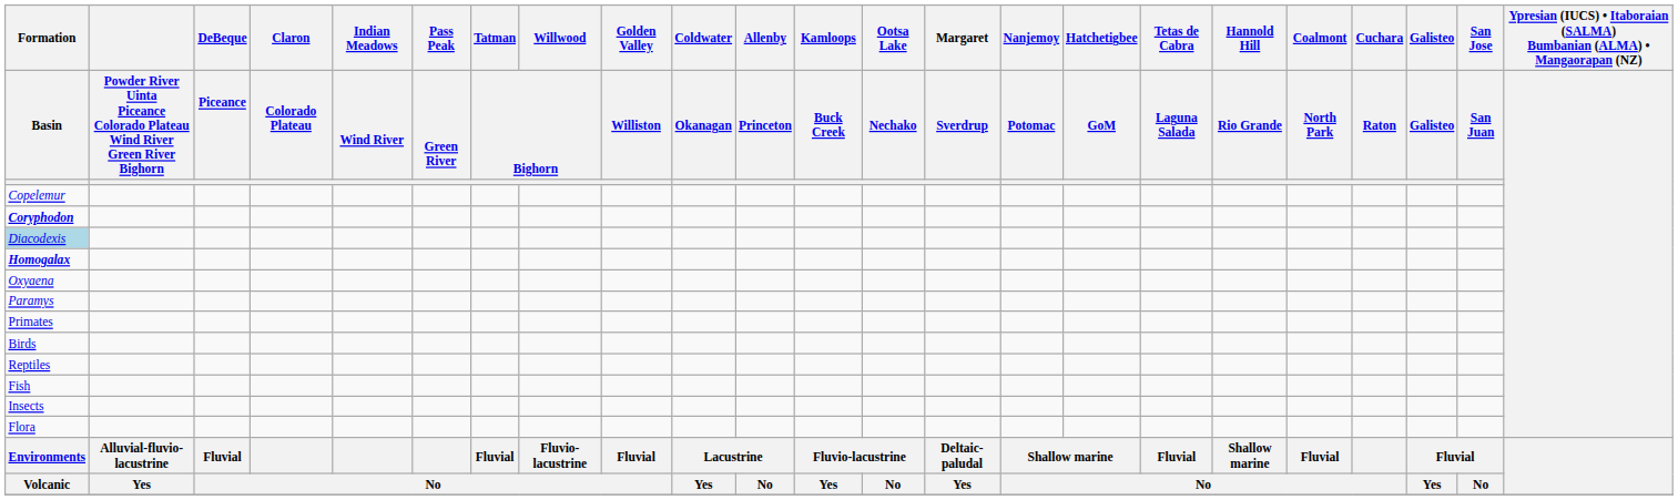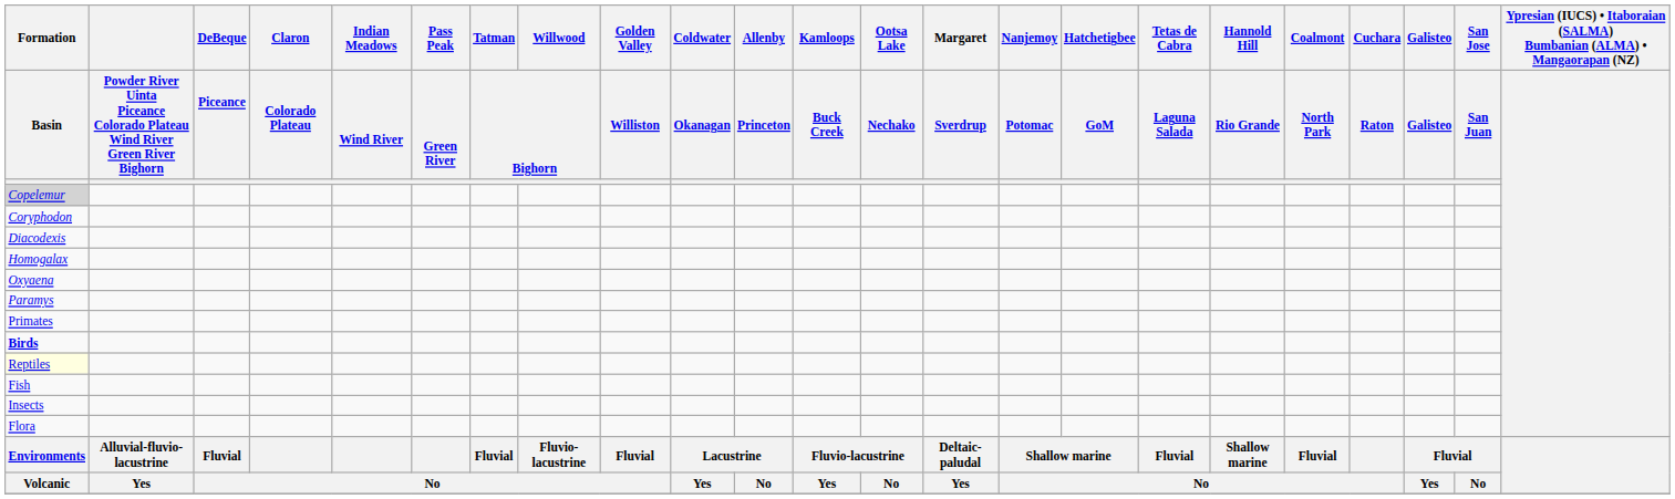 <table class="wikitable" style="font-size: 60%">
 <tr>
 <th>Formation</th>
 <th></th>
 <th><a href='#'>DeBeque</a></th>
 <th><a href='#'>Claron</a></th>
 <th><a href='#'>Indian Meadows</a></th>
 <th><a href='#'>Pass Peak</a></th>
 <th><a href='#'>Tatman</a></th>
 <th><a href='#'>Willwood</a></th>
 <th><a href='#'>Golden Valley</a></th>
 <th><a href='#'>Coldwater</a></th>
 <th><a href='#'>Allenby</a></th>
 <th><a href='#'>Kamloops</a></th>
 <th><a href='#'>Ootsa Lake</a></th>
 <th>Margaret</th>
 <th><a href='#'>Nanjemoy</a></th>
 <th><a href='#'>Hatchetigbee</a></th>
 <th><a href='#'>Tetas de Cabra</a></th>
 <th><a href='#'>Hannold Hill</a></th>
 <th><a href='#'>Coalmont</a></th>
 <th><a href='#'>Cuchara</a></th>
 <th><a href='#'>Galisteo</a></th>
 <th><a href='#'>San Jose</a></th>
 <th><a href='#'>Ypresian</a> (IUCS) • <a href='#'>Itaboraian</a> (<a href='#'>SALMA</a>)<br><a href='#'>Bumbanian</a> (<a href='#'>ALMA</a>) • <a href='#'>Mangaorapan</a> (NZ)</th>
 </tr>
 <tr>
 <th>Basin</th>
 <th><a href='#'>Powder River</a><br><a href='#'>Uinta</a><br><a href='#'>Piceance</a><br><a href='#'>Colorado Plateau</a><br><a href='#'>Wind River</a><br><a href='#'>Green River</a><br><a href='#'>Bighorn</a></th>
 <th><a href='#'>Piceance</a><br><br><br><br></th>
 <th><br><a href='#'>Colorado Plateau</a><br><br><br></th>
 <th><br><br><br><a href='#'>Wind River</a><br><br></th>
 <th><br><br><br><br><a href='#'>Green River</a><br></th>
 <th colspan=2><br><br><br><br><br><br><a href='#'>Bighorn</a></th>
 <th><a href='#'>Williston</a></th>
 <th><a href='#'>Okanagan</a></th>
 <th><a href='#'>Princeton</a></th>
 <th><a href='#'>Buck Creek</a></th>
 <th><a href='#'>Nechako</a></th>
 <th><a href='#'>Sverdrup</a></th>
 <th><a href='#'>Potomac</a></th>
 <th><a href='#'>GoM</a></th>
 <th><a href='#'>Laguna Salada</a></th>
 <th><a href='#'>Rio Grande</a></th>
 <th><a href='#'>North Park</a></th>
 <th><a href='#'>Raton</a></th>
 <th><a href='#'>Galisteo</a></th>
 <th><a href='#'>San Juan</a></th>
 <th align=center rowspan=14></th>
 </tr>
 <tr>
 <th></th>
 <th colspan=8></th>
 <th colspan=5></th>
 <th colspan=2></th>
 <th></th>
 <th colspan=5></th>
 </tr>
 <tr>
-<td><em><a href='#'>Copelemur</a></em></td>
+<td style="background: lightgrey;"><em><a href='#'>Copelemur</a></em></td>
 <td align=center></td>
 <td align=center></td>
 <td align=center></td>
 <td align=center></td>
 <td align=center></td>
 <td align=center></td>
 <td align=center></td>
 <td align=center></td>
 <td align=center></td>
 <td align=center></td>
 <td align=center></td>
 <td align=center></td>
 <td align=center></td>
 <td align=center></td>
 <td align=center></td>
 <td align=center></td>
 <td align=center></td>
 <td align=center></td>
 <td align=center></td>
 <td align=center></td>
 <td align=center></td>
 </tr>
 <tr>
-<td><strong><em><a href='#'>Coryphodon</a></em></strong></td>
+<td><em><a href='#'>Coryphodon</a></em></td>
 <td align=center></td>
 <td align=center></td>
 <td align=center></td>
 <td align=center></td>
 <td align=center></td>
 <td align=center></td>
 <td align=center></td>
 <td align=center></td>
 <td align=center></td>
 <td align=center></td>
 <td align=center></td>
 <td align=center></td>
 <td align=center></td>
 <td align=center></td>
 <td align=center></td>
 <td align=center></td>
 <td align=center></td>
 <td align=center></td>
 <td align=center></td>
 <td align=center></td>
 <td align=center></td>
 </tr>
 <tr>
-<td style="background: lightblue;"><em><a href='#'>Diacodexis</a></em></td>
+<td><em><a href='#'>Diacodexis</a></em></td>
 <td align=center></td>
 <td align=center></td>
 <td align=center></td>
 <td align=center></td>
 <td align=center></td>
 <td align=center></td>
 <td align=center></td>
 <td align=center></td>
 <td align=center></td>
 <td align=center></td>
 <td align=center></td>
 <td align=center></td>
 <td align=center></td>
 <td align=center></td>
 <td align=center></td>
 <td align=center></td>
 <td align=center></td>
 <td align=center></td>
 <td align=center></td>
 <td align=center></td>
 <td align=center></td>
 </tr>
 <tr>
-<td><strong><em><a href='#'>Homogalax</a></em></strong></td>
+<td><em><a href='#'>Homogalax</a></em></td>
 <td align=center></td>
 <td align=center></td>
 <td align=center></td>
 <td align=center></td>
 <td align=center></td>
 <td align=center></td>
 <td align=center></td>
 <td align=center></td>
 <td align=center></td>
 <td align=center></td>
 <td align=center></td>
 <td align=center></td>
 <td align=center></td>
 <td align=center></td>
 <td align=center></td>
 <td align=center></td>
 <td align=center></td>
 <td align=center></td>
 <td align=center></td>
 <td align=center></td>
 <td align=center></td>
 </tr>
 <tr>
 <td><em><a href='#'>Oxyaena</a></em></td>
 <td align=center></td>
 <td align=center></td>
 <td align=center></td>
 <td align=center></td>
 <td align=center></td>
 <td align=center></td>
 <td align=center></td>
 <td align=center></td>
 <td align=center></td>
 <td align=center></td>
 <td align=center></td>
 <td align=center></td>
 <td align=center></td>
 <td align=center></td>
 <td align=center></td>
 <td align=center></td>
 <td align=center></td>
 <td align=center></td>
 <td align=center></td>
 <td align=center></td>
 <td align=center></td>
 </tr>
 <tr>
 <td><em><a href='#'>Paramys</a></em></td>
 <td align=center></td>
 <td align=center></td>
 <td align=center></td>
 <td align=center></td>
 <td align=center></td>
 <td align=center></td>
 <td align=center></td>
 <td align=center></td>
 <td align=center></td>
 <td align=center></td>
 <td align=center></td>
 <td align=center></td>
 <td align=center></td>
 <td align=center></td>
 <td align=center></td>
 <td align=center></td>
 <td align=center></td>
 <td align=center></td>
 <td align=center></td>
 <td align=center></td>
 <td align=center></td>
 </tr>
 <tr>
 <td><a href='#'>Primates</a></td>
 <td align=center></td>
 <td align=center></td>
 <td align=center></td>
 <td align=center></td>
 <td align=center></td>
 <td align=center></td>
 <td align=center></td>
 <td align=center></td>
 <td align=center></td>
 <td align=center></td>
 <td align=center></td>
 <td align=center></td>
 <td align=center></td>
 <td align=center></td>
 <td align=center></td>
 <td align=center></td>
 <td align=center></td>
 <td align=center></td>
 <td align=center></td>
 <td align=center></td>
 <td align=center></td>
 </tr>
 <tr>
-<td><a href='#'>Birds</a></td>
+<td><strong><a href='#'>Birds</a></strong></td>
 <td align=center></td>
 <td align=center></td>
 <td align=center></td>
 <td align=center></td>
 <td align=center></td>
 <td align=center></td>
 <td align=center></td>
 <td align=center></td>
 <td align=center></td>
 <td align=center></td>
 <td align=center></td>
 <td align=center></td>
 <td align=center></td>
 <td align=center></td>
 <td align=center></td>
 <td align=center></td>
 <td align=center></td>
 <td align=center></td>
 <td align=center></td>
 <td align=center></td>
 <td align=center></td>
 </tr>
 <tr>
-<td><a href='#'>Reptiles</a></td>
+<td style="background: lightyellow;"><a href='#'>Reptiles</a></td>
 <td align=center></td>
 <td align=center></td>
 <td align=center></td>
 <td align=center></td>
 <td align=center></td>
 <td align=center></td>
 <td align=center></td>
 <td align=center></td>
 <td align=center></td>
 <td align=center></td>
 <td align=center></td>
 <td align=center></td>
 <td align=center></td>
 <td align=center></td>
 <td align=center></td>
 <td align=center></td>
 <td align=center></td>
 <td align=center></td>
 <td align=center></td>
 <td align=center></td>
 <td align=center></td>
 </tr>
 <tr>
 <td><a href='#'>Fish</a></td>
 <td align=center></td>
 <td align=center></td>
 <td align=center></td>
 <td align=center></td>
 <td align=center></td>
 <td align=center></td>
 <td align=center></td>
 <td align=center></td>
 <td align=center></td>
 <td align=center></td>
 <td align=center></td>
 <td align=center></td>
 <td align=center></td>
 <td align=center></td>
 <td align=center></td>
 <td align=center></td>
 <td align=center></td>
 <td align=center></td>
 <td align=center></td>
 <td align=center></td>
 <td align=center></td>
 </tr>
 <tr>
 <td><a href='#'>Insects</a></td>
 <td align=center></td>
 <td align=center></td>
 <td align=center></td>
 <td align=center></td>
 <td align=center></td>
 <td align=center></td>
 <td align=center></td>
 <td align=center></td>
 <td align=center></td>
 <td align=center></td>
 <td align=center></td>
 <td align=center></td>
 <td align=center></td>
 <td align=center></td>
 <td align=center></td>
 <td align=center></td>
 <td align=center></td>
 <td align=center></td>
 <td align=center></td>
 <td align=center></td>
 <td align=center></td>
 </tr>
 <tr>
 <td><a href='#'>Flora</a></td>
 <td align=center></td>
 <td align=center></td>
 <td align=center></td>
 <td align=center></td>
 <td align=center></td>
 <td align=center></td>
 <td align=center></td>
 <td align=center></td>
 <td align=center></td>
 <td align=center></td>
 <td align=center></td>
 <td align=center></td>
 <td align=center></td>
 <td align=center></td>
 <td align=center></td>
 <td align=center></td>
 <td align=center></td>
 <td align=center></td>
 <td align=center></td>
 <td align=center></td>
 <td align=center></td>
 </tr>
 <tr>
 <th><a href='#'>Environments</a></th>
 <th>Alluvial-fluvio-lacustrine</th>
 <th>Fluvial</th>
 <th></th>
 <th></th>
 <th></th>
 <th>Fluvial</th>
 <th>Fluvio-lacustrine</th>
 <th>Fluvial</th>
 <th colspan=2>Lacustrine</th>
 <th colspan=2>Fluvio-lacustrine</th>
 <th>Deltaic-paludal</th>
 <th colspan=2>Shallow marine</th>
 <th>Fluvial</th>
 <th>Shallow marine</th>
 <th>Fluvial</th>
 <th></th>
 <th colspan=2>Fluvial</th>
 <th rowspan=2 align=left><br><br></th>
 </tr>
 <tr>
 <th>Volcanic</th>
 <th>Yes</th>
 <th colspan=7>No</th>
 <th>Yes</th>
 <th>No</th>
 <th>Yes</th>
 <th>No</th>
 <th>Yes</th>
 <th colspan=6>No</th>
 <th>Yes</th>
 <th>No</th>
 </tr>
 <tr>
 </tr>
 </table>
